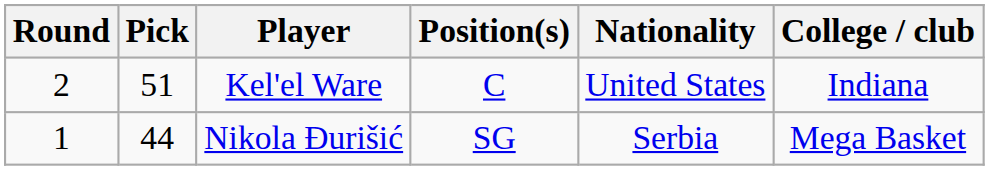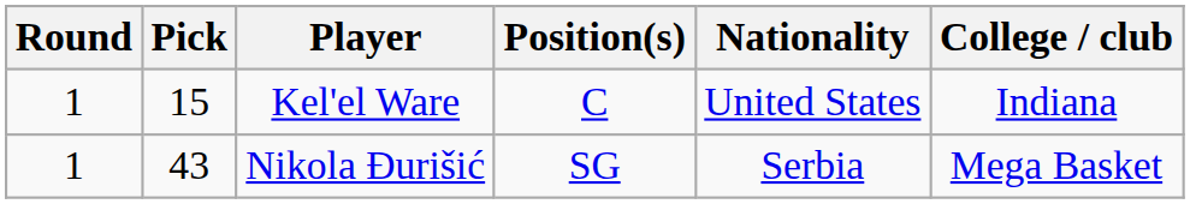 <table class="wikitable sortable sortable">
 <tr>
 <th>Round</th>
 <th>Pick</th>
 <th>Player</th>
 <th>Position(s)</th>
 <th>Nationality</th>
 <th>College / club</th>
 </tr>
 <tr style="text-align: center">
-<td>2</td>
-<td>51</td>
+<td>1</td>
+<td>15</td>
 <td><a href='#'>Kel'el Ware</a></td>
 <td><a href='#'>C</a></td>
 <td> <a href='#'>United States</a></td>
 <td><a href='#'>Indiana</a></td>
 </tr>
 <tr style="text-align: center">
 <td>1</td>
-<td>44</td>
+<td>43</td>
 <td><a href='#'>Nikola Đurišić</a></td>
 <td><a href='#'>SG</a></td>
 <td> <a href='#'>Serbia</a></td>
 <td><a href='#'>Mega Basket</a> </td>
 </tr>
 </table>
